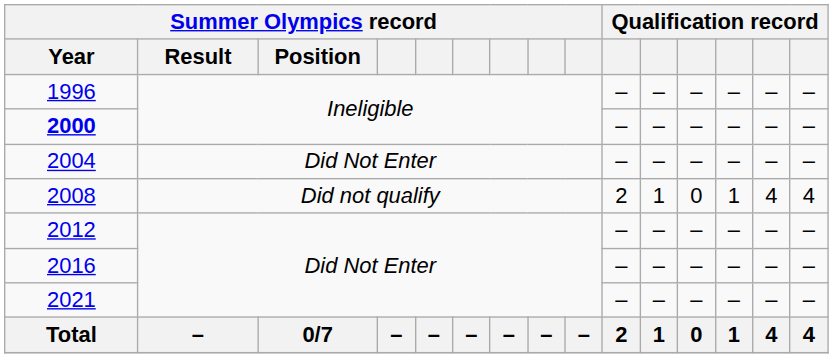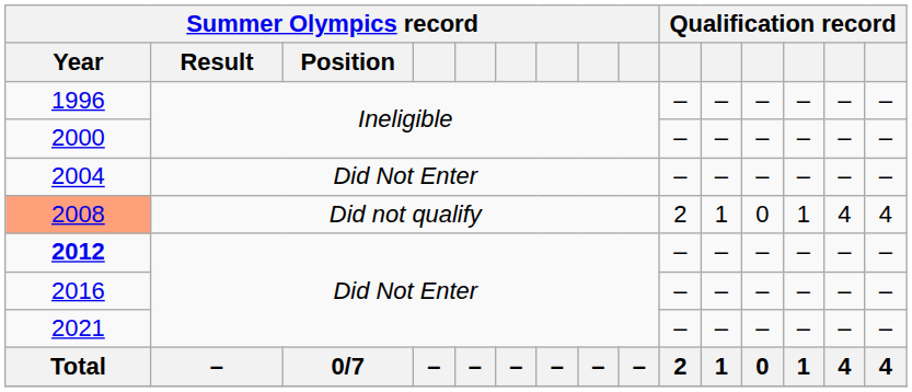 <table class="wikitable" style="text-align:center;">
 <tr>
 <th colspan="9"><a href='#'>Summer Olympics</a> record</th>
 <th colspan="6">Qualification record</th>
 </tr>
 <tr>
 <th style="width:90px;">Year</th>
 <th style="width:80px;">Result</th>
 <th style="width:80px;">Position</th>
 <th style="width:20px;"></th>
 <th style="width:20px;"></th>
 <th style="width:20px;"></th>
 <th style="width:20px;"></th>
 <th style="width:20px;"></th>
 <th style="width:20px;"></th>
 <th style="width:20px;"></th>
 <th style="width:20px;"></th>
 <th style="width:20px;"></th>
 <th style="width:20px;"></th>
 <th style="width:20px;"></th>
 <th style="width:20px;"></th>
 </tr>
 <tr>
 <td> <a href='#'>1996</a></td>
 <td rowspan="2" colspan="8"><em>Ineligible</em></td>
 <td>–</td>
 <td>–</td>
 <td>–</td>
 <td>–</td>
 <td>–</td>
 <td>–</td>
 </tr>
 <tr>
-<td><strong> <a href='#'>2000</a></strong></td>
+<td> <a href='#'>2000</a></td>
 <td>–</td>
 <td>–</td>
 <td>–</td>
 <td>–</td>
 <td>–</td>
 <td>–</td>
 </tr>
 <tr>
 <td> <a href='#'>2004</a></td>
 <td colspan="8"><em>Did Not Enter</em></td>
 <td>–</td>
 <td>–</td>
 <td>–</td>
 <td>–</td>
 <td>–</td>
 <td>–</td>
 </tr>
 <tr>
-<td> <a href='#'>2008</a></td>
+<td style="background: lightsalmon;"> <a href='#'>2008</a></td>
 <td colspan="8"><em>Did not qualify</em></td>
 <td>2</td>
 <td>1</td>
 <td>0</td>
 <td>1</td>
 <td>4</td>
 <td>4</td>
 </tr>
 <tr>
-<td> <a href='#'>2012</a></td>
+<td><strong> <a href='#'>2012</a></strong></td>
 <td rowspan="3" colspan="8"><em>Did Not Enter</em></td>
 <td>–</td>
 <td>–</td>
 <td>–</td>
 <td>–</td>
 <td>–</td>
 <td>–</td>
 </tr>
 <tr>
 <td> <a href='#'>2016</a></td>
 <td>–</td>
 <td>–</td>
 <td>–</td>
 <td>–</td>
 <td>–</td>
 <td>–</td>
 </tr>
 <tr>
 <td> <a href='#'>2021</a></td>
 <td>–</td>
 <td>–</td>
 <td>–</td>
 <td>–</td>
 <td>–</td>
 <td>–</td>
 </tr>
 <tr>
 <th>Total</th>
 <th>–</th>
 <th>0/7</th>
 <th>–</th>
 <th>–</th>
 <th>–</th>
 <th>–</th>
 <th>–</th>
 <th>–</th>
 <th>2</th>
 <th>1</th>
 <th>0</th>
 <th>1</th>
 <th>4</th>
 <th>4</th>
 </tr>
 <tr>
 </tr>
 </table>
